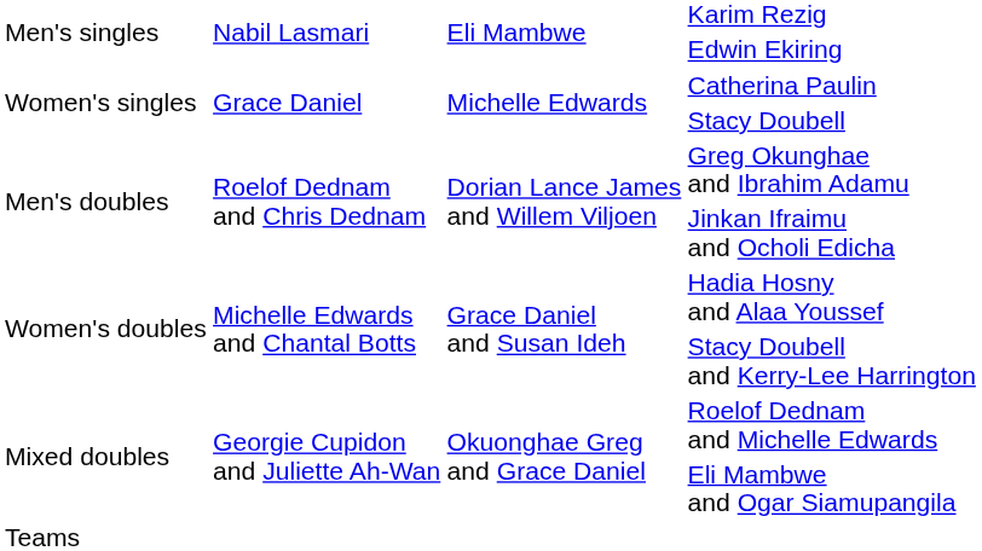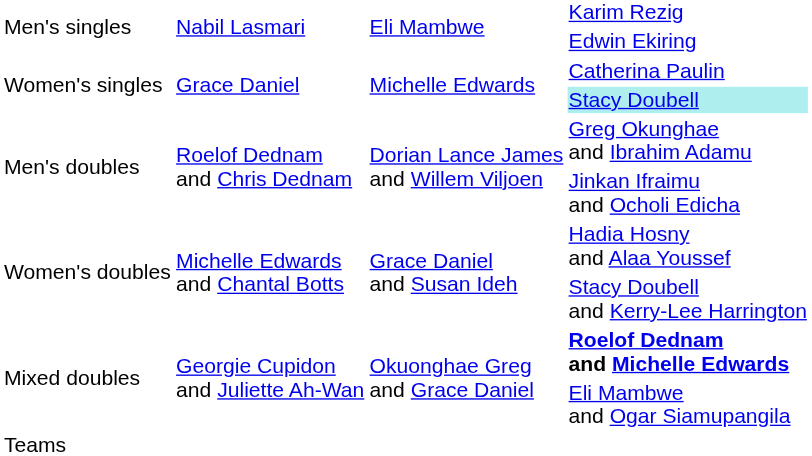 <table>
 <tr>
 <td rowspan=2>Men's singles</td>
 <td rowspan=2> <a href='#'>Nabil Lasmari</a></td>
 <td rowspan=2> <a href='#'>Eli Mambwe</a></td>
 <td> <a href='#'>Karim Rezig</a></td>
 </tr>
 <tr>
 <td> <a href='#'>Edwin Ekiring</a></td>
 </tr>
 <tr>
 <td rowspan=2>Women's singles</td>
 <td rowspan=2> <a href='#'>Grace Daniel</a></td>
 <td rowspan=2> <a href='#'>Michelle Edwards</a></td>
 <td> <a href='#'>Catherina Paulin</a></td>
 </tr>
 <tr>
-<td> <a href='#'>Stacy Doubell</a></td>
+<td style="background: paleturquoise;"> <a href='#'>Stacy Doubell</a></td>
 </tr>
 <tr>
 <td rowspan=2>Men's doubles</td>
 <td rowspan=2> <a href='#'>Roelof Dednam</a><br>and <a href='#'>Chris Dednam</a></td>
 <td rowspan=2> <a href='#'>Dorian Lance James</a><br>and <a href='#'>Willem Viljoen</a></td>
 <td> <a href='#'>Greg Okunghae</a><br>and <a href='#'>Ibrahim Adamu</a></td>
 </tr>
 <tr>
 <td> <a href='#'>Jinkan Ifraimu</a><br>and <a href='#'>Ocholi Edicha</a></td>
 </tr>
 <tr>
 <td rowspan=2>Women's doubles</td>
 <td rowspan=2> <a href='#'>Michelle Edwards</a><br>and <a href='#'>Chantal Botts</a></td>
 <td rowspan=2> <a href='#'>Grace Daniel</a><br>and <a href='#'>Susan Ideh</a></td>
 <td> <a href='#'>Hadia Hosny</a><br>and <a href='#'>Alaa Youssef</a></td>
 </tr>
 <tr>
 <td> <a href='#'>Stacy Doubell</a><br>and <a href='#'>Kerry-Lee Harrington</a></td>
 </tr>
 <tr>
 <td rowspan=2>Mixed doubles</td>
 <td rowspan=2> <a href='#'>Georgie Cupidon</a><br>and <a href='#'>Juliette Ah-Wan</a></td>
 <td rowspan=2> <a href='#'>Okuonghae Greg</a><br>and <a href='#'>Grace Daniel</a></td>
-<td> <a href='#'>Roelof Dednam</a><br>and <a href='#'>Michelle Edwards</a></td>
+<td><strong> <a href='#'>Roelof Dednam</a><br>and <a href='#'>Michelle Edwards</a></strong></td>
 </tr>
 <tr>
 <td> <a href='#'>Eli Mambwe</a><br>and <a href='#'>Ogar Siamupangila</a></td>
 </tr>
 <tr>
 <td rowspan=2>Teams</td>
 <td rowspan=2></td>
 <td rowspan=2></td>
 <td></td>
 </tr>
 <tr>
 <td></td>
 </tr>
 </table>
